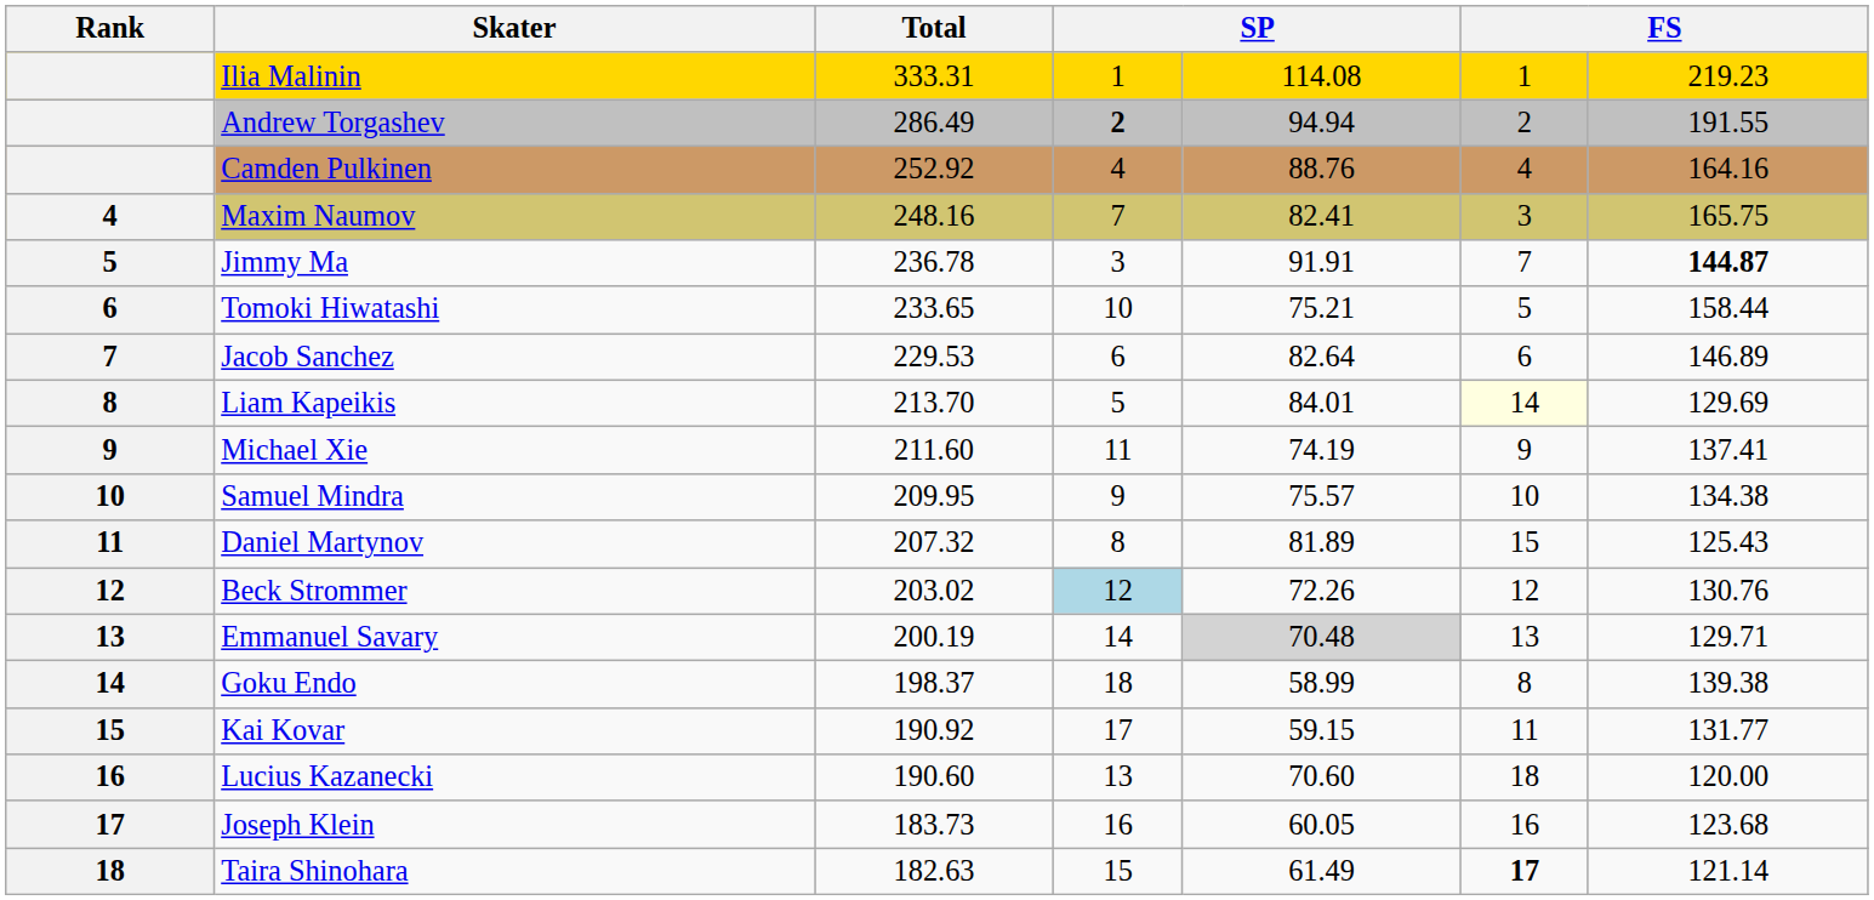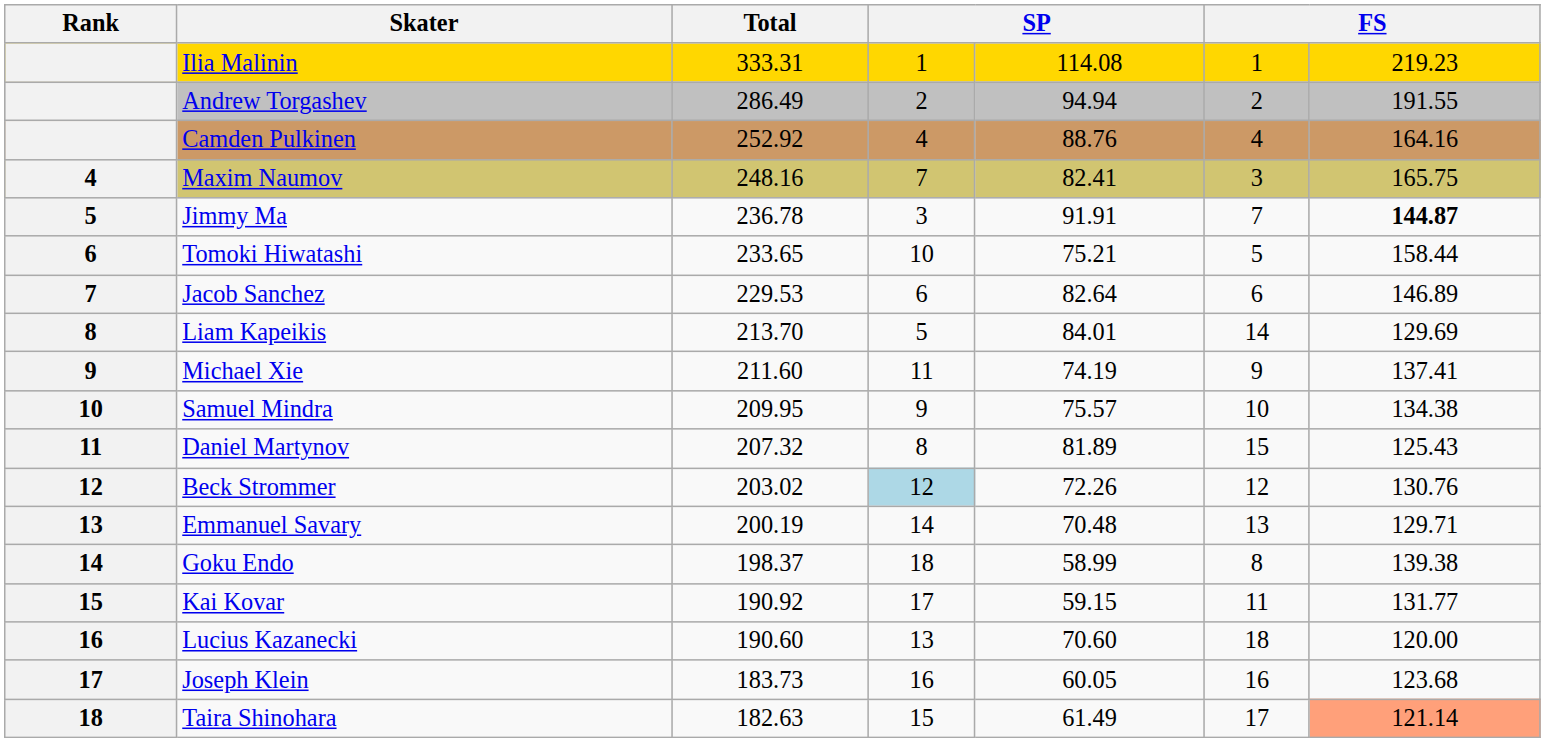 <table class="wikitable sortable" style="text-align:center; width:80%">
 <tr>
 <th scope="col">Rank</th>
 <th scope="col">Skater</th>
 <th scope="col">Total</th>
 <th scope="col" colspan="2" width="80px"><a href='#'>SP</a></th>
 <th scope="col" colspan="2" width="80px"><a href='#'>FS</a></th>
 </tr>
 <tr bgcolor="gold">
 <th scope="row"></th>
 <td align="left"><a href='#'>Ilia Malinin</a></td>
 <td>333.31</td>
 <td>1</td>
 <td>114.08</td>
 <td>1</td>
 <td>219.23</td>
 </tr>
 <tr bgcolor="silver">
 <th scope="row"></th>
 <td align="left"><a href='#'>Andrew Torgashev</a></td>
 <td>286.49</td>
-<td><strong>2</strong></td>
+<td>2</td>
 <td>94.94</td>
 <td>2</td>
 <td>191.55</td>
 </tr>
 <tr bgcolor="cc9966">
 <th scope="row"></th>
 <td align="left"><a href='#'>Camden Pulkinen</a></td>
 <td>252.92</td>
 <td>4</td>
 <td>88.76</td>
 <td>4</td>
 <td>164.16</td>
 </tr>
 <tr bgcolor="#d1c571">
 <th scope="row">4</th>
 <td align="left"><a href='#'>Maxim Naumov</a></td>
 <td>248.16</td>
 <td>7</td>
 <td>82.41</td>
 <td>3</td>
 <td>165.75</td>
 </tr>
 <tr>
 <th scope="row">5</th>
 <td align="left"><a href='#'>Jimmy Ma</a></td>
 <td>236.78</td>
 <td>3</td>
 <td>91.91</td>
 <td>7</td>
 <td><strong>144.87</strong></td>
 </tr>
 <tr>
 <th scope="row">6</th>
 <td align="left"><a href='#'>Tomoki Hiwatashi</a></td>
 <td>233.65</td>
 <td>10</td>
 <td>75.21</td>
 <td>5</td>
 <td>158.44</td>
 </tr>
 <tr>
 <th scope="row">7</th>
 <td align="left"><a href='#'>Jacob Sanchez</a></td>
 <td>229.53</td>
 <td>6</td>
 <td>82.64</td>
 <td>6</td>
 <td>146.89</td>
 </tr>
 <tr>
 <th scope="row">8</th>
 <td align="left"><a href='#'>Liam Kapeikis</a></td>
 <td>213.70</td>
 <td>5</td>
 <td>84.01</td>
-<td style="background: lightyellow;">14</td>
+<td>14</td>
 <td>129.69</td>
 </tr>
 <tr>
 <th scope="row">9</th>
 <td align="left"><a href='#'>Michael Xie</a></td>
 <td>211.60</td>
 <td>11</td>
 <td>74.19</td>
 <td>9</td>
 <td>137.41</td>
 </tr>
 <tr>
 <th scope="row">10</th>
 <td align="left"><a href='#'>Samuel Mindra</a></td>
 <td>209.95</td>
 <td>9</td>
 <td>75.57</td>
 <td>10</td>
 <td>134.38</td>
 </tr>
 <tr>
 <th scope="row">11</th>
 <td align="left"><a href='#'>Daniel Martynov</a></td>
 <td>207.32</td>
 <td>8</td>
 <td>81.89</td>
 <td>15</td>
 <td>125.43</td>
 </tr>
 <tr>
 <th scope="row">12</th>
 <td align="left"><a href='#'>Beck Strommer</a></td>
 <td>203.02</td>
 <td style="background: lightblue;">12</td>
 <td>72.26</td>
 <td>12</td>
 <td>130.76</td>
 </tr>
 <tr>
 <th scope="row">13</th>
 <td align="left"><a href='#'>Emmanuel Savary</a></td>
 <td>200.19</td>
 <td>14</td>
-<td style="background: lightgrey;">70.48</td>
+<td>70.48</td>
 <td>13</td>
 <td>129.71</td>
 </tr>
 <tr>
 <th scope="row">14</th>
 <td align="left"><a href='#'>Goku Endo</a></td>
 <td>198.37</td>
 <td>18</td>
 <td>58.99</td>
 <td>8</td>
 <td>139.38</td>
 </tr>
 <tr>
 <th scope="row">15</th>
 <td align="left"><a href='#'>Kai Kovar</a></td>
 <td>190.92</td>
 <td>17</td>
 <td>59.15</td>
 <td>11</td>
 <td>131.77</td>
 </tr>
 <tr>
 <th scope="row">16</th>
 <td align="left"><a href='#'>Lucius Kazanecki</a></td>
 <td>190.60</td>
 <td>13</td>
 <td>70.60</td>
 <td>18</td>
 <td>120.00</td>
 </tr>
 <tr>
 <th scope="row">17</th>
 <td align="left"><a href='#'>Joseph Klein</a></td>
 <td>183.73</td>
 <td>16</td>
 <td>60.05</td>
 <td>16</td>
 <td>123.68</td>
 </tr>
 <tr>
 <th scope="row">18</th>
 <td align="left"><a href='#'>Taira Shinohara</a></td>
 <td>182.63</td>
 <td>15</td>
 <td>61.49</td>
-<td><strong>17</strong></td>
-<td>121.14</td>
+<td>17</td>
+<td style="background: lightsalmon;">121.14</td>
 </tr>
 </table>
